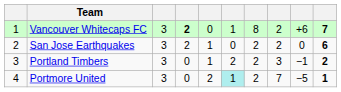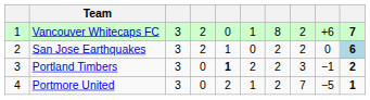 <table class="wikitable" style="text-align: center;">
 <tr>
 <th width="28"></th>
 <th width="185">Team</th>
 <th width="28"></th>
 <th width="28"></th>
 <th width="28"></th>
 <th width="28"></th>
 <th width="28"></th>
 <th width="28"></th>
 <th width="28"></th>
 <th width="28"></th>
 </tr>
 <tr bgcolor="#CCFFCC">
 <td>1</td>
 <td style="text-align:left;"><a href='#'>Vancouver Whitecaps FC</a></td>
 <td>3</td>
-<td><strong>2</strong></td>
+<td>2</td>
 <td>0</td>
 <td>1</td>
 <td>8</td>
 <td>2</td>
 <td>+6</td>
 <td><strong>7</strong></td>
 </tr>
 <tr>
 <td>2</td>
 <td style="text-align:left;"><a href='#'>San Jose Earthquakes</a></td>
 <td>3</td>
 <td>2</td>
 <td>1</td>
 <td>0</td>
 <td>2</td>
 <td>2</td>
 <td>0</td>
-<td><strong>6</strong></td>
+<td style="background: lightblue;"><strong>6</strong></td>
 </tr>
 <tr>
 <td>3</td>
 <td style="text-align:left;"><a href='#'>Portland Timbers</a></td>
 <td>3</td>
 <td>0</td>
-<td>1</td>
+<td><strong>1</strong></td>
 <td>2</td>
 <td>2</td>
 <td>3</td>
 <td>−1</td>
 <td><strong>2</strong></td>
 </tr>
 <tr>
 <td>4</td>
 <td style="text-align:left;"><a href='#'>Portmore United</a></td>
 <td>3</td>
 <td>0</td>
 <td>2</td>
-<td style="background: paleturquoise;">1</td>
+<td>1</td>
 <td>2</td>
 <td>7</td>
 <td>−5</td>
 <td><strong>1</strong></td>
 </tr>
 </table>
